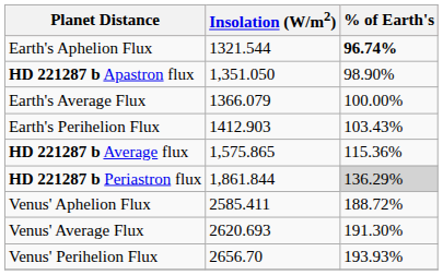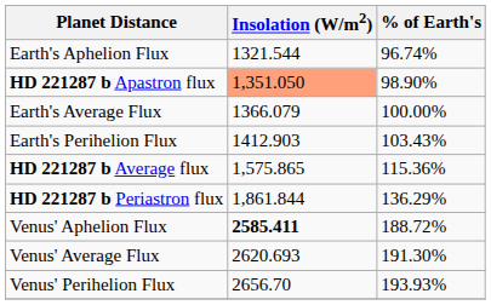 <table class="wikitable">
 <tr align="center" style="align:center; background:#ffc0c0">
 <th>Planet Distance</th>
 <th><a href='#'>Insolation</a> (W/m<sup>2</sup>)</th>
 <th>% of Earth's</th>
 </tr>
 <tr>
 <td>Earth's Aphelion Flux</td>
 <td>1321.544</td>
-<td><strong>96.74%</strong></td>
+<td>96.74%</td>
 </tr>
 <tr>
 <td><strong>HD 221287 b</strong> <a href='#'>Apastron</a> flux</td>
-<td>1,351.050</td>
+<td style="background: lightsalmon;">1,351.050</td>
 <td>98.90%</td>
 </tr>
 <tr>
 <td>Earth's Average Flux </td>
 <td>1366.079</td>
 <td>100.00%</td>
 </tr>
 <tr>
 <td>Earth's Perihelion Flux</td>
 <td>1412.903</td>
 <td>103.43%</td>
 </tr>
 <tr>
 <td><strong>HD 221287 b</strong> <a href='#'>Average</a> flux </td>
 <td>1,575.865</td>
 <td>115.36%</td>
 </tr>
 <tr>
 <td><strong>HD 221287 b</strong> <a href='#'>Periastron</a> flux</td>
 <td>1,861.844</td>
-<td style="background: lightgrey;">136.29%</td>
+<td>136.29%</td>
 </tr>
 <tr>
 <td>Venus' Aphelion Flux</td>
-<td>2585.411</td>
+<td><strong>2585.411</strong></td>
 <td>188.72%</td>
 </tr>
 <tr>
 <td>Venus' Average Flux</td>
 <td>2620.693</td>
 <td>191.30%</td>
 </tr>
 <tr>
 <td>Venus' Perihelion Flux</td>
 <td>2656.70</td>
 <td>193.93%</td>
 </tr>
 <tr>
 </tr>
 </table>
